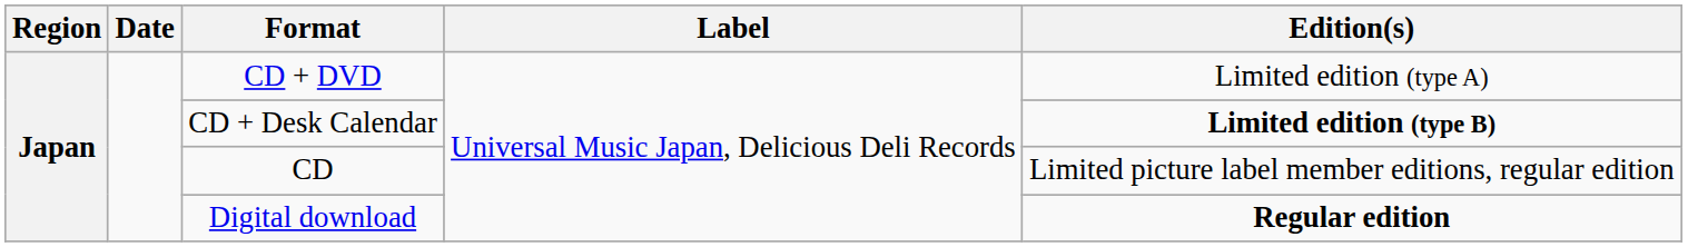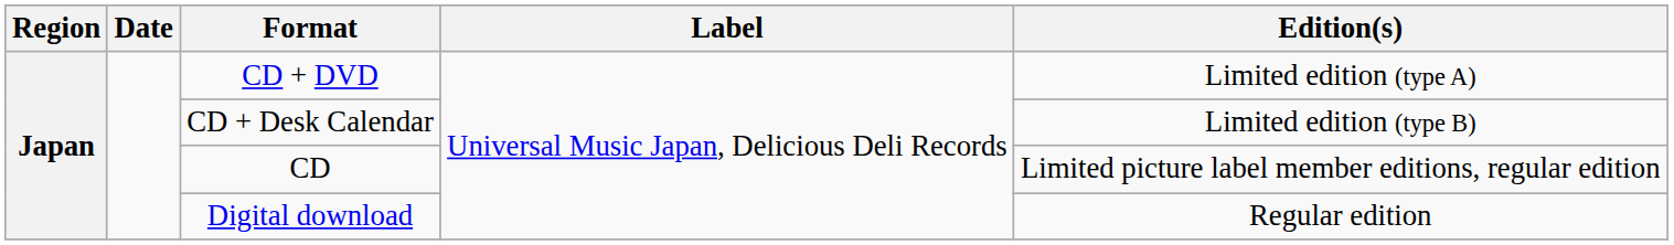 <table class="wikitable plainrowheaders sortable" style="text-align:center;">
 <tr>
 <th scope="col">Region</th>
 <th scope="col">Date</th>
 <th scope="col">Format</th>
 <th scope="col">Label</th>
 <th scope="col">Edition(s)</th>
 </tr>
 <tr>
 <th scope="row" rowspan="4">Japan</th>
 <td rowspan="4"></td>
 <td><a href='#'>CD</a> + <a href='#'>DVD</a></td>
 <td rowspan="4"><a href='#'>Universal Music Japan</a>, Delicious Deli Records</td>
 <td rowspan="1">Limited edition <small>(type A)</small></td>
 </tr>
 <tr>
 <td>CD + Desk Calendar</td>
-<td rowspan="1"><strong>Limited edition <small>(type B)</small></strong></td>
+<td rowspan="1">Limited edition <small>(type B)</small></td>
 </tr>
 <tr>
 <td>CD</td>
 <td>Limited picture label member editions, regular edition</td>
 </tr>
 <tr>
 <td><a href='#'>Digital download</a></td>
-<td><strong>Regular edition</strong></td>
+<td>Regular edition</td>
 </tr>
 </table>
